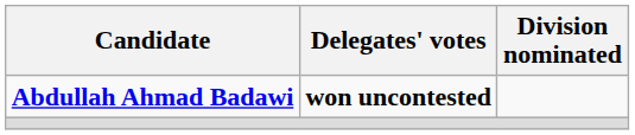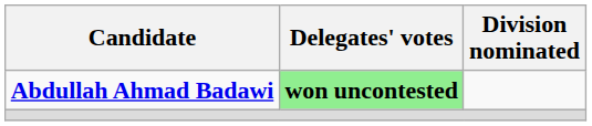 <table class=wikitable>
 <tr>
 <th>Candidate</th>
 <th>Delegates' votes</th>
 <th>Division<br>nominated</th>
 </tr>
 <tr>
 <td><strong><a href='#'>Abdullah Ahmad Badawi</a></strong></td>
-<td align=center><strong>won uncontested</strong></td>
+<td align=center style="background: lightgreen;"><strong>won uncontested</strong></td>
 <td align=center><strong></strong></td>
 </tr>
 <tr>
 <td colspan=3 bgcolor=dcdcdc></td>
 </tr>
 </table>
